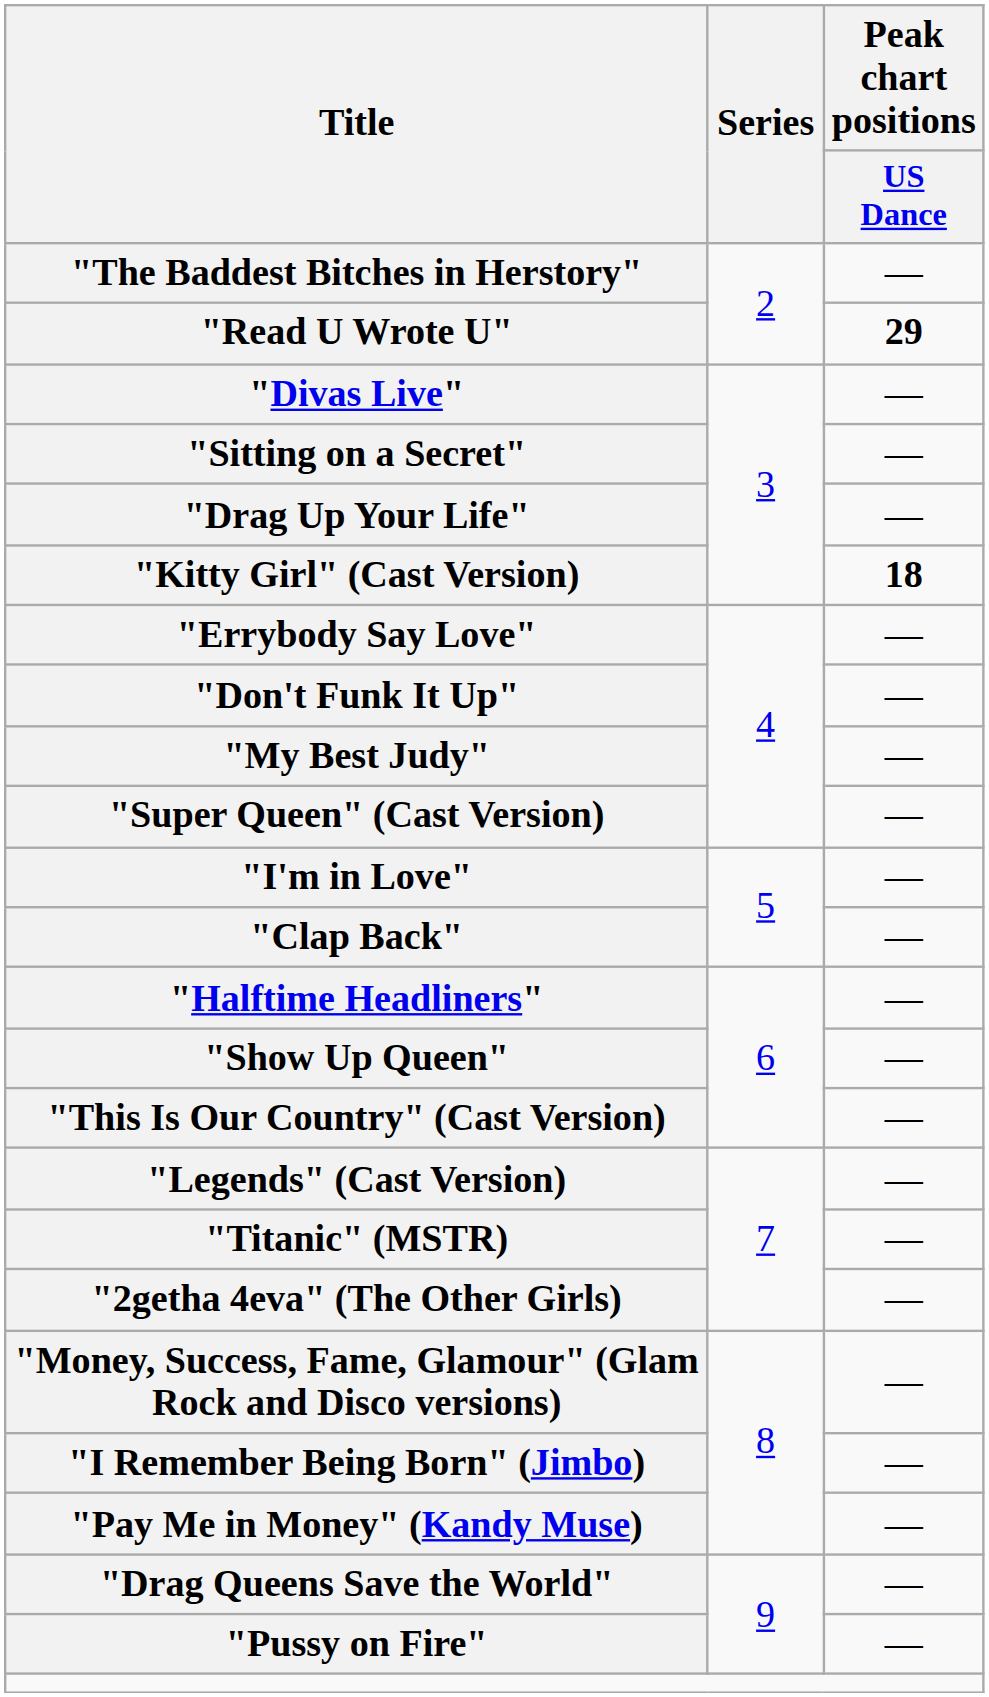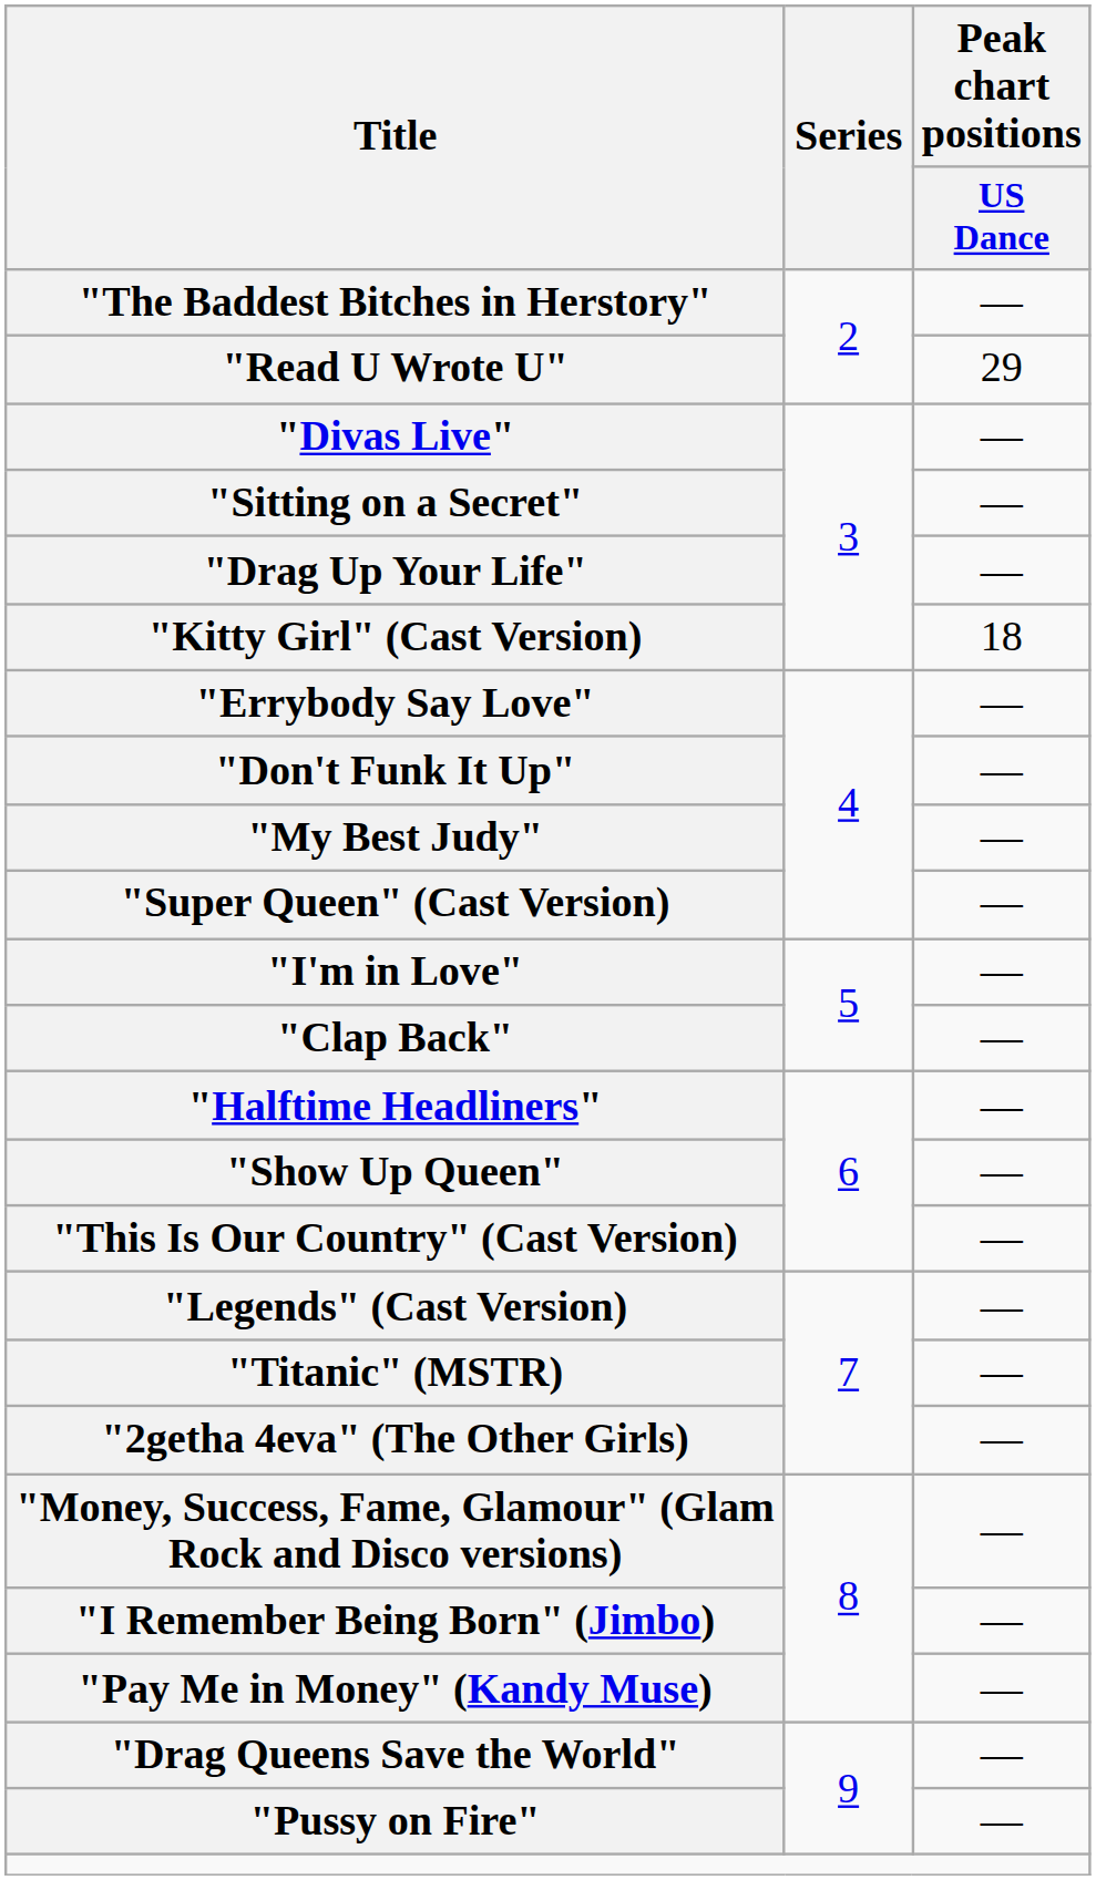 <table class="wikitable plainrowheaders" style="text-align:center;">
 <tr>
 <th scope="col" rowspan="2" style="width:18em;">Title</th>
 <th scope="col" rowspan="2" style="width:01em;">Series</th>
 <th scope="col" colspan="1">Peak chart positions</th>
 </tr>
 <tr>
 <th scope="col" style="width:3em;font-size:85%;"><a href='#'>US<br>Dance</a><br></th>
 </tr>
 <tr>
 <th scope="row">"The Baddest Bitches in Herstory"</th>
 <td rowspan="2"><a href='#'>2</a></td>
 <td>—</td>
 </tr>
 <tr>
 <th scope="row">"Read U Wrote U"<br></th>
-<td><strong>29</strong></td>
+<td>29</td>
 </tr>
 <tr>
 <th scope="row">"<a href='#'>Divas Live</a>"</th>
 <td rowspan="4"><a href='#'>3</a></td>
 <td>—</td>
 </tr>
 <tr>
 <th scope="row">"Sitting on a Secret"</th>
 <td>—</td>
 </tr>
 <tr>
 <th scope="row">"Drag Up Your Life"</th>
 <td>—</td>
 </tr>
 <tr>
 <th scope="row">"Kitty Girl" (Cast Version)</th>
-<td><strong>18</strong></td>
+<td>18</td>
 </tr>
 <tr>
 <th scope="row">"Errybody Say Love"</th>
 <td rowspan="4"><a href='#'>4</a></td>
 <td>—</td>
 </tr>
 <tr>
 <th scope="row">"Don't Funk It Up"</th>
 <td>—</td>
 </tr>
 <tr>
 <th scope="row">"My Best Judy"<br></th>
 <td>—</td>
 </tr>
 <tr>
 <th scope="row">"Super Queen" (Cast Version)</th>
 <td>—</td>
 </tr>
 <tr>
 <th scope="row">"I'm in Love"</th>
 <td rowspan="2"><a href='#'>5</a></td>
 <td>—</td>
 </tr>
 <tr>
 <th scope="row">"Clap Back"</th>
 <td>—</td>
 </tr>
 <tr>
 <th scope="row">"<a href='#'>Halftime Headliners</a>"</th>
 <td rowspan="3"><a href='#'>6</a></td>
 <td>—</td>
 </tr>
 <tr>
 <th scope="row">"Show Up Queen"</th>
 <td>—</td>
 </tr>
 <tr>
 <th scope="row">"This Is Our Country" (Cast Version)<br></th>
 <td>—</td>
 </tr>
 <tr>
 <th scope="row">"Legends" (Cast Version)</th>
 <td rowspan="3"><a href='#'>7</a></td>
 <td>—</td>
 </tr>
 <tr>
 <th scope="row">"Titanic" (MSTR)</th>
 <td>—</td>
 </tr>
 <tr>
 <th scope="row">"2getha 4eva" (The Other Girls)</th>
 <td>—</td>
 </tr>
 <tr>
 <th scope="row">"Money, Success, Fame, Glamour" (Glam Rock and Disco versions)</th>
 <td rowspan="3"><a href='#'>8</a></td>
 <td>—</td>
 </tr>
 <tr>
 <th scope="row">"I Remember Being Born" (<a href='#'>Jimbo</a>)</th>
 <td>—</td>
 </tr>
 <tr>
 <th scope="row">"Pay Me in Money" (<a href='#'>Kandy Muse</a>)</th>
 <td>—</td>
 </tr>
 <tr>
 <th scope="row">"Drag Queens Save the World"</th>
 <td rowspan="2"><a href='#'>9</a></td>
 <td>—</td>
 </tr>
 <tr>
 <th scope="row">"Pussy on Fire"</th>
 <td>—</td>
 </tr>
 <tr>
 <td colspan="3"></td>
 </tr>
 </table>
